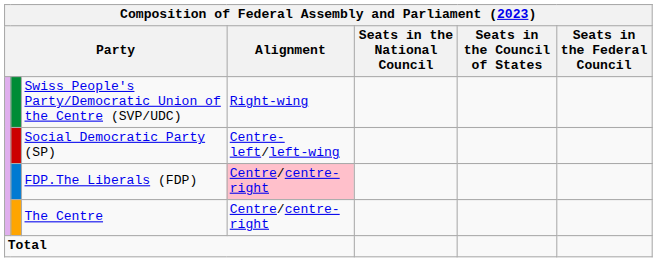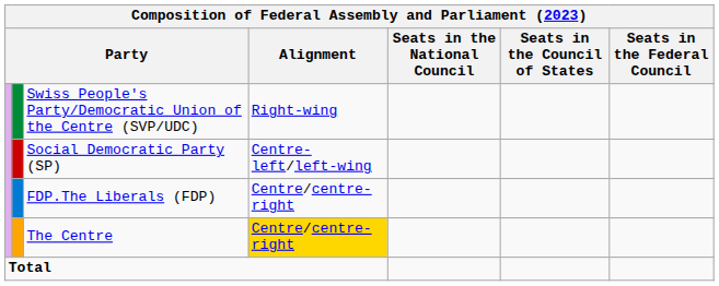 <table class="wikitable" style="font-size: 95%;">
 <tr>
 <th colspan=7>Composition of Federal Assembly and Parliament (<a href='#'>2023</a>)</th>
 </tr>
 <tr>
 <th colspan=3>Party</th>
 <th>Alignment</th>
 <th>Seats in the National Council</th>
 <th>Seats in the Council of States</th>
 <th>Seats in the Federal Council</th>
 </tr>
 <tr>
 <td rowspan=4 bgcolor="#E0AFEE"></td>
 <td bgcolor="#008C36"></td>
 <td align=left><a href='#'>Swiss People's Party/Democratic Union of the Centre</a> (SVP/UDC)</td>
 <td align="left"><div><a href='#'>Right-wing</a></div></td>
 <td align="left"></td>
 <td align="left"></td>
 <td align="left"></td>
 </tr>
 <tr>
 <td width="4" bgcolor="#CC0000"></td>
 <td align=left colspan=1><a href='#'>Social Democratic Party</a> (SP)</td>
 <td align="left"><div><a href='#'>Centre-left</a>/<a href='#'>left-wing</a></div></td>
 <td align="left"></td>
 <td align="left"></td>
 <td align="left"></td>
 </tr>
 <tr>
 <td bgcolor="#007AD2"></td>
 <td align=left colspan=1><a href='#'>FDP.The Liberals</a> (FDP)</td>
-<td align="left" style="background: pink;"><div><a href='#'>Centre</a>/<a href='#'>centre-right</a></div></td>
+<td align="left"><div><a href='#'>Centre</a>/<a href='#'>centre-right</a></div></td>
 <td align="left"></td>
 <td align="left"></td>
 <td align="left"></td>
 </tr>
 <tr>
 <td bgcolor=orange></td>
 <td align=left colspan=1><a href='#'>The Centre</a></td>
-<td align="left"><div><a href='#'>Centre</a>/<a href='#'>centre-right</a></div></td>
+<td align="left" style="background: gold;"><div><a href='#'>Centre</a>/<a href='#'>centre-right</a></div></td>
 <td align="left"></td>
 <td align="left"></td>
 <td align="left"></td>
 </tr>
 <tr>
 <td align=left colspan=4><div><strong>Total</strong></div></td>
 <td align="left"></td>
 <td align="left"></td>
 <td align="left"></td>
 </tr>
 </table>
